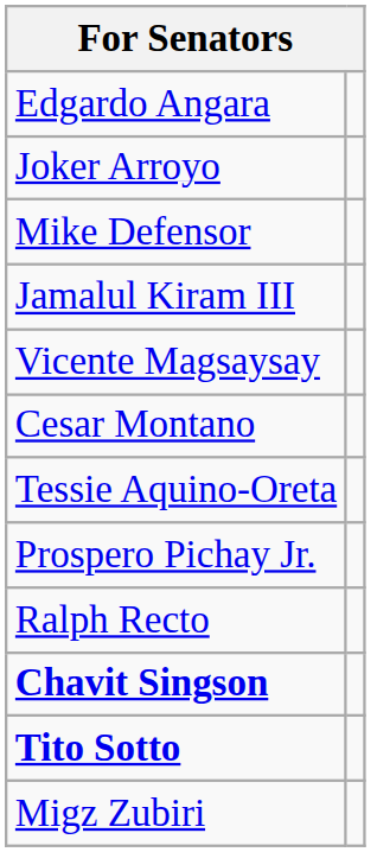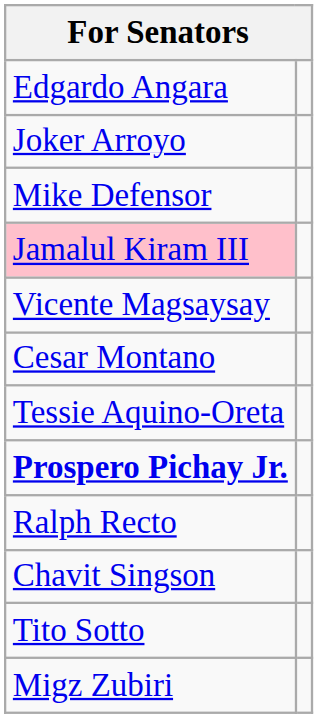 <table class=wikitable style="font-size:90%">
 <tr>
 <th colspan=5>For Senators</th>
 </tr>
 <tr>
 <td><a href='#'>Edgardo Angara</a></td>
 <td></td>
 </tr>
 <tr>
 <td><a href='#'>Joker Arroyo</a></td>
 <td></td>
 </tr>
 <tr>
 <td><a href='#'>Mike Defensor</a></td>
 <td></td>
 </tr>
 <tr>
-<td><a href='#'>Jamalul Kiram III</a></td>
+<td style="background: pink;"><a href='#'>Jamalul Kiram III</a></td>
 <td></td>
 </tr>
 <tr>
 <td><a href='#'>Vicente Magsaysay</a></td>
 <td></td>
 </tr>
 <tr>
 <td><a href='#'>Cesar Montano</a></td>
 <td></td>
 </tr>
 <tr>
 <td><a href='#'>Tessie Aquino-Oreta</a></td>
 <td></td>
 </tr>
 <tr>
-<td><a href='#'>Prospero Pichay Jr.</a></td>
+<td><strong><a href='#'>Prospero Pichay Jr.</a></strong></td>
 <td></td>
 </tr>
 <tr>
 <td><a href='#'>Ralph Recto</a></td>
 <td></td>
 </tr>
 <tr>
-<td><strong><a href='#'>Chavit Singson</a></strong></td>
+<td><a href='#'>Chavit Singson</a></td>
 <td></td>
 </tr>
 <tr>
-<td><strong><a href='#'>Tito Sotto</a></strong></td>
+<td><a href='#'>Tito Sotto</a></td>
 <td></td>
 </tr>
 <tr>
 <td><a href='#'>Migz Zubiri</a></td>
 <td></td>
 </tr>
 </table>
